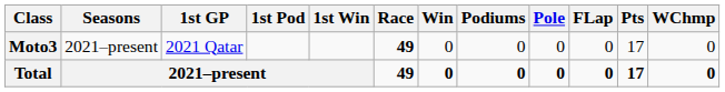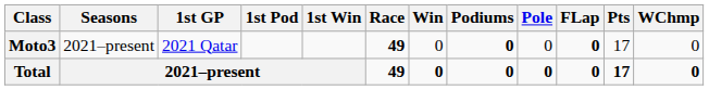 <table class="wikitable" style=text-align:right>
 <tr>
 <th>Class</th>
 <th>Seasons</th>
 <th>1st GP</th>
 <th>1st Pod</th>
 <th>1st Win</th>
 <th>Race</th>
 <th>Win</th>
 <th>Podiums</th>
 <th><a href='#'>Pole</a></th>
 <th>FLap</th>
 <th>Pts</th>
 <th>WChmp</th>
 </tr>
 <tr>
 <th>Moto3</th>
 <td>2021–present</td>
 <td align=left><a href='#'>2021 Qatar</a></td>
 <td align=left></td>
 <td align=left></td>
 <td><strong>49</strong></td>
 <td>0</td>
+<td><strong>0</strong></td>
 <td>0</td>
-<td>0</td>
-<td>0</td>
+<td><strong>0</strong></td>
 <td>17</td>
 <td>0</td>
 </tr>
 <tr>
 <th>Total</th>
 <th colspan=4>2021–present</th>
 <td><strong>49</strong></td>
 <td><strong>0</strong></td>
 <td><strong>0</strong></td>
 <td><strong>0</strong></td>
 <td><strong>0</strong></td>
 <td><strong>17</strong></td>
 <td><strong>0</strong></td>
 </tr>
 </table>
